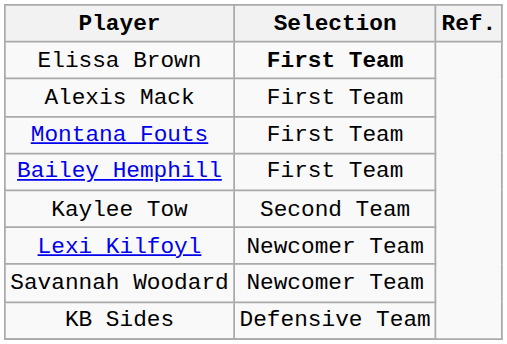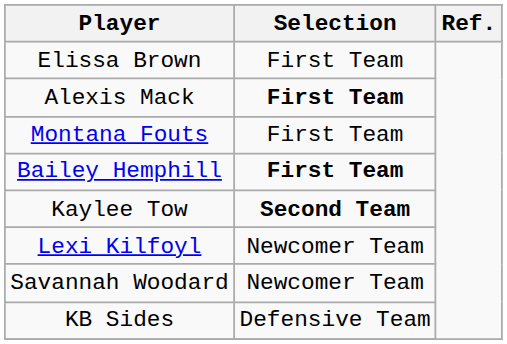 <table class="wikitable sortable sortable" style="text-align: center">
 <tr align=center>
 <th>Player</th>
 <th>Selection</th>
 <th>Ref.</th>
 </tr>
 <tr>
 <td>Elissa Brown</td>
-<td><strong>First Team</strong></td>
+<td>First Team</td>
 <td rowspan="11"></td>
 </tr>
 <tr>
 <td>Alexis Mack</td>
-<td>First Team</td>
+<td><strong>First Team</strong></td>
 </tr>
 <tr>
 <td><a href='#'>Montana Fouts</a></td>
 <td>First Team</td>
 </tr>
 <tr>
 <td><a href='#'>Bailey Hemphill</a></td>
-<td>First Team</td>
+<td><strong>First Team</strong></td>
 </tr>
 <tr>
 <td>Kaylee Tow</td>
-<td>Second Team</td>
+<td><strong>Second Team</strong></td>
 </tr>
 <tr>
 <td><a href='#'>Lexi Kilfoyl</a></td>
 <td>Newcomer Team</td>
 </tr>
 <tr>
 <td>Savannah Woodard</td>
 <td>Newcomer Team</td>
 </tr>
 <tr>
 <td>KB Sides</td>
 <td>Defensive Team</td>
 </tr>
 <tr>
 </tr>
 </table>
